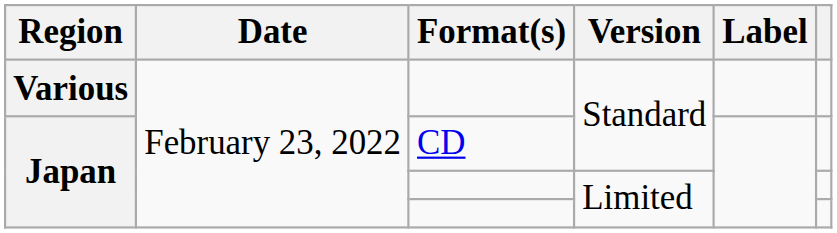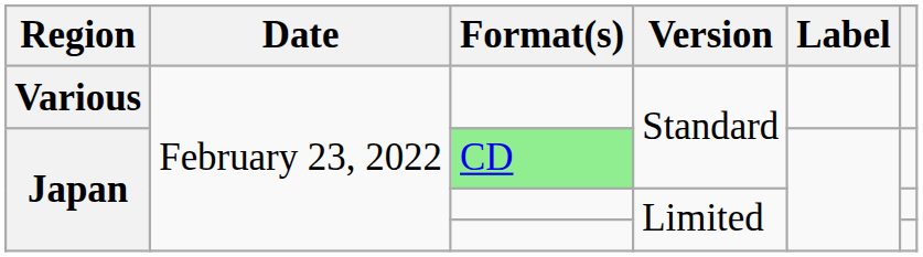 <table class="wikitable plainrowheaders">
 <tr>
 <th scope="col">Region</th>
 <th scope="col">Date</th>
 <th scope="col">Format(s)</th>
 <th scope="col">Version</th>
 <th scope="col">Label</th>
 <th scope="col"></th>
 </tr>
 <tr>
 <th scope="row">Various</th>
 <td rowspan="4">February 23, 2022</td>
 <td></td>
 <td rowspan="2">Standard</td>
 <td></td>
 <td align="center"></td>
 </tr>
 <tr>
 <th scope="row" rowspan="3">Japan</th>
-<td><a href='#'>CD</a></td>
+<td style="background: lightgreen;"><a href='#'>CD</a></td>
 <td rowspan="3"></td>
 <td align="center"></td>
 </tr>
 <tr>
 <td></td>
 <td rowspan="2">Limited</td>
 <td align="center"></td>
 </tr>
 <tr>
 <td></td>
 <td align="center"></td>
 </tr>
 </table>
